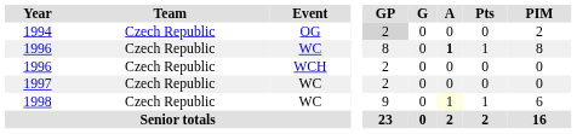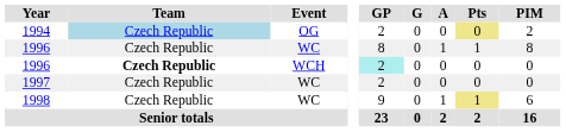 <table border="0" cellpadding="1" cellspacing="0" style="text-align:center; width:40em">
 <tr ALIGN="center" bgcolor="#e0e0e0">
 <th>Year</th>
 <th>Team</th>
 <th>Event</th>
 <th rowspan="99" bgcolor="#ffffff"> </th>
 <th>GP</th>
 <th>G</th>
 <th>A</th>
 <th>Pts</th>
 <th>PIM</th>
 </tr>
 <tr>
 <td><a href='#'>1994</a></td>
-<td><a href='#'>Czech Republic</a></td>
+<td style="background: lightblue;"><a href='#'>Czech Republic</a></td>
 <td><a href='#'>OG</a></td>
-<td style="background: lightgrey;">2</td>
+<td>2</td>
 <td>0</td>
 <td>0</td>
-<td>0</td>
+<td style="background: khaki;">0</td>
 <td>2</td>
 </tr>
 <tr bgcolor="#f0f0f0">
 <td><a href='#'>1996</a></td>
 <td>Czech Republic</td>
 <td><a href='#'>WC</a></td>
 <td>8</td>
 <td>0</td>
-<td><strong>1</strong></td>
+<td>1</td>
 <td>1</td>
 <td>8</td>
 </tr>
 <tr>
 <td><a href='#'>1996</a></td>
-<td>Czech Republic</td>
+<td><strong>Czech Republic</strong></td>
 <td><a href='#'>WCH</a></td>
-<td>2</td>
+<td style="background: paleturquoise;">2</td>
 <td>0</td>
 <td>0</td>
 <td>0</td>
 <td>0</td>
 </tr>
 <tr bgcolor="#f0f0f0">
 <td><a href='#'>1997</a></td>
 <td>Czech Republic</td>
 <td>WC</td>
 <td>2</td>
 <td>0</td>
 <td>0</td>
 <td>0</td>
 <td>0</td>
 </tr>
 <tr>
 <td><a href='#'>1998</a></td>
 <td>Czech Republic</td>
 <td>WC</td>
 <td>9</td>
 <td>0</td>
-<td style="background: lightyellow;">1</td>
 <td>1</td>
+<td style="background: khaki;">1</td>
 <td>6</td>
 </tr>
 <tr bgcolor="#e0e0e0">
 <th colspan=3>Senior totals</th>
 <th>23</th>
 <th>0</th>
 <th>2</th>
 <th>2</th>
 <th>16</th>
 </tr>
 </table>
